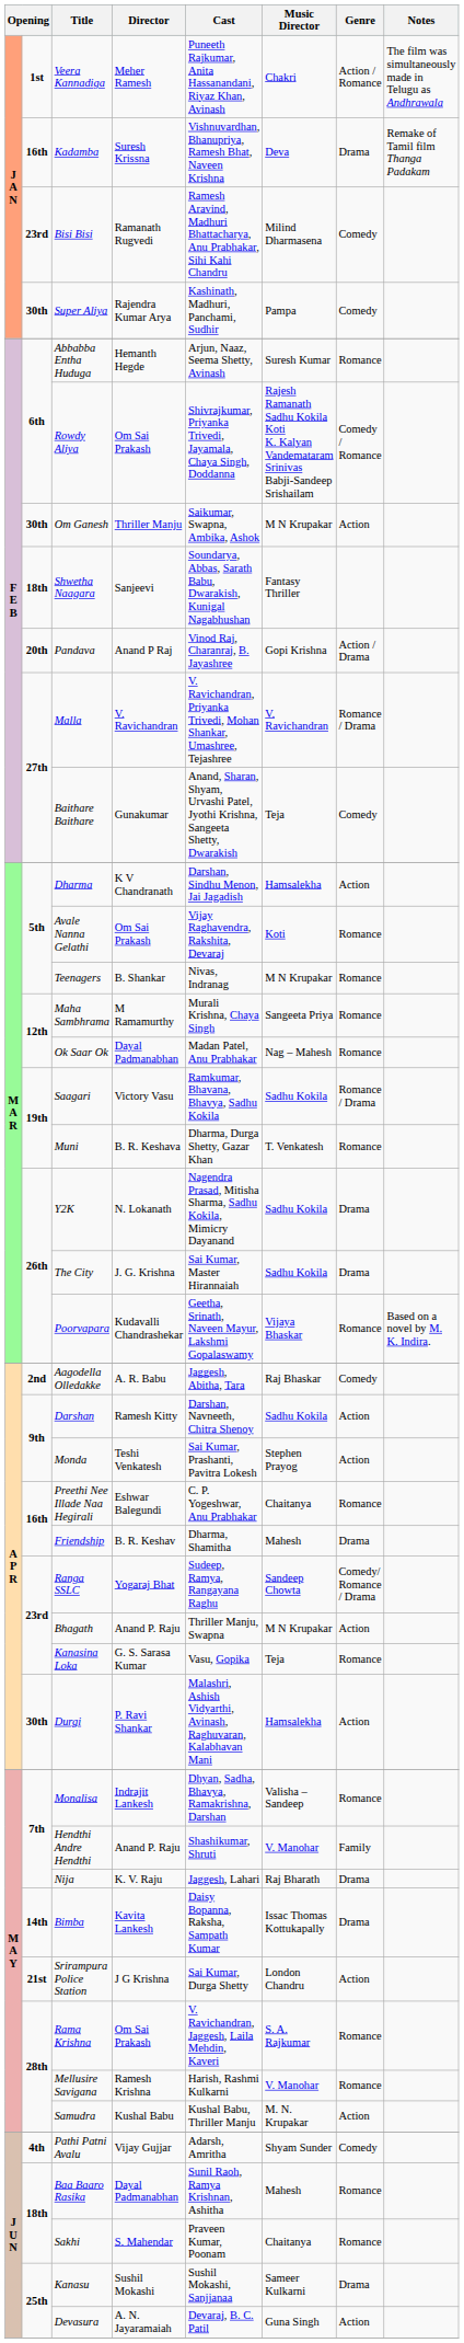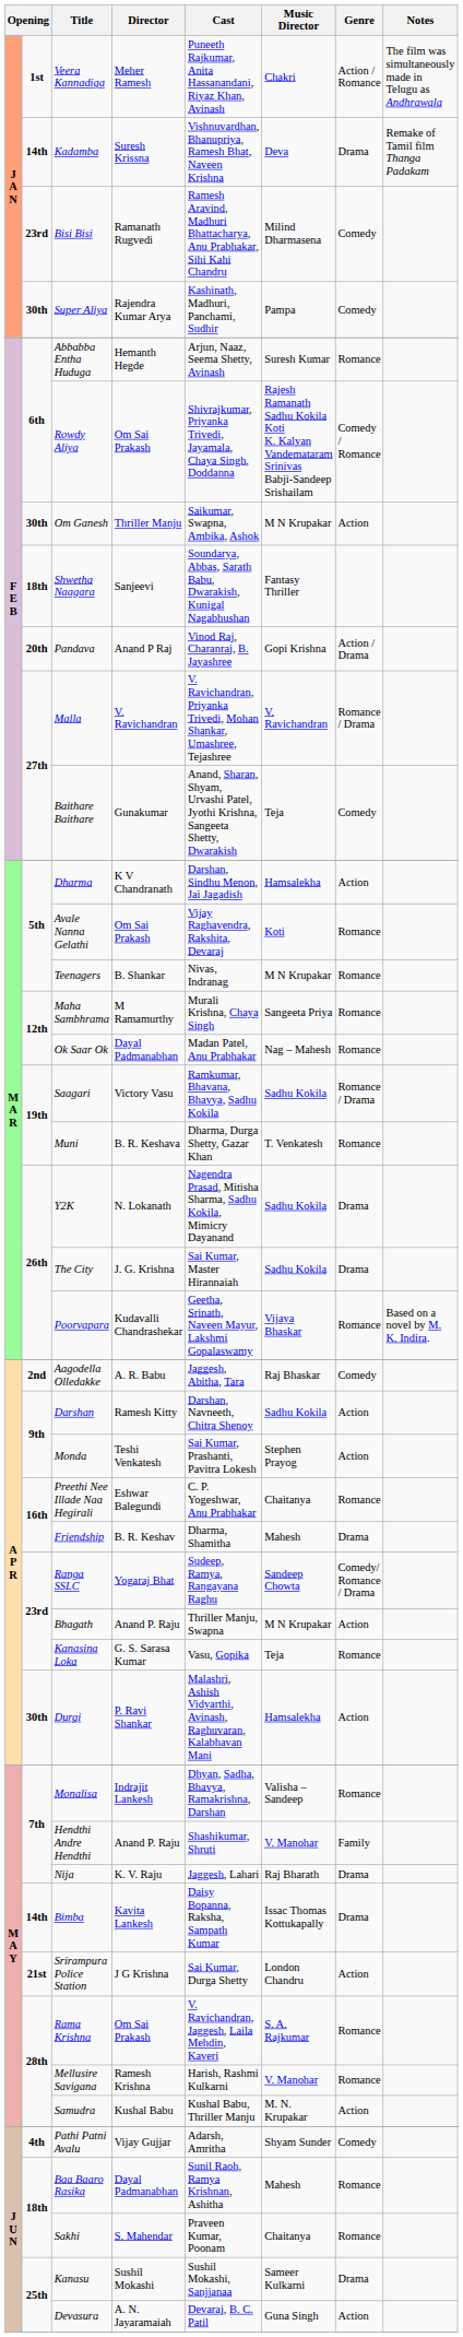 <table class="wikitable">
 <tr style="background:#b0e0e6; text-align:center;">
 <th colspan="2"><strong>Opening</strong></th>
 <th style="width:13%;"><strong>Title</strong></th>
 <th><strong>Director</strong></th>
 <th><strong>Cast</strong></th>
 <th><strong>Music Director</strong></th>
 <th><strong>Genre</strong></th>
 <th><strong>Notes</strong></th>
 </tr>
 <tr January!>
 <td rowspan="4"   style="text-align:center; background:#ffa07a; textcolor:#000;"><strong>J<br>A<br>N</strong></td>
 <td rowspan="1" style="text-align:center;"><strong>1st</strong></td>
 <td><em><a href='#'>Veera Kannadiga</a></em></td>
 <td><a href='#'>Meher Ramesh</a></td>
 <td><a href='#'>Puneeth Rajkumar</a>, <a href='#'>Anita Hassanandani</a>, <a href='#'>Riyaz Khan</a>, <a href='#'>Avinash</a></td>
 <td><a href='#'>Chakri</a></td>
 <td>Action / Romance</td>
 <td>The film was simultaneously made in Telugu as <em><a href='#'>Andhrawala</a></em></td>
 </tr>
 <tr>
-<td rowspan="1" style="text-align:center;"><strong>16th</strong></td>
+<td rowspan="1" style="text-align:center;"><strong>14th</strong></td>
 <td><em><a href='#'>Kadamba</a></em></td>
 <td><a href='#'>Suresh Krissna</a></td>
 <td><a href='#'>Vishnuvardhan</a>, <a href='#'>Bhanupriya</a>, <a href='#'>Ramesh Bhat</a>, <a href='#'>Naveen Krishna</a></td>
 <td><a href='#'>Deva</a></td>
 <td>Drama</td>
 <td>Remake of Tamil film <em>Thanga Padakam</em></td>
 </tr>
 <tr>
 <td rowspan="1" style="text-align:center;"><strong>23rd</strong></td>
 <td><em><a href='#'>Bisi Bisi</a></em></td>
 <td>Ramanath Rugvedi</td>
 <td><a href='#'>Ramesh Aravind</a>, <a href='#'>Madhuri Bhattacharya</a>, <a href='#'>Anu Prabhakar</a>, <a href='#'>Sihi Kahi Chandru</a></td>
 <td>Milind Dharmasena</td>
 <td>Comedy</td>
 <td></td>
 </tr>
 <tr>
 <td rowspan="1" style="text-align:center;"><strong>30th</strong></td>
 <td><em><a href='#'>Super Aliya</a></em></td>
 <td>Rajendra Kumar Arya</td>
 <td><a href='#'>Kashinath</a>, Madhuri, Panchami, <a href='#'>Sudhir</a></td>
 <td>Pampa</td>
 <td>Comedy</td>
 <td></td>
 </tr>
 <tr>
 </tr>
 <tr February!>
 <td rowspan="7"   style="text-align:center; background:thistle; textcolor:#000;"><strong>F<br>E<br>B</strong></td>
 <td rowspan="2" style="text-align:center;"><strong>6th</strong></td>
 <td><em>Abbabba Entha Huduga</em></td>
 <td>Hemanth Hegde</td>
 <td>Arjun, Naaz, Seema Shetty, <a href='#'>Avinash</a></td>
 <td>Suresh Kumar</td>
 <td>Romance</td>
 <td></td>
 </tr>
 <tr>
 <td><em><a href='#'>Rowdy Aliya</a></em></td>
 <td><a href='#'>Om Sai Prakash</a></td>
 <td><a href='#'>Shivrajkumar</a>, <a href='#'>Priyanka Trivedi</a>, <a href='#'>Jayamala</a>, <a href='#'>Chaya Singh</a>, <a href='#'>Doddanna</a></td>
 <td><a href='#'>Rajesh Ramanath</a> <br> <a href='#'>Sadhu Kokila</a><br><a href='#'>Koti</a><br> <a href='#'>K. Kalyan</a><br><a href='#'>Vandemataram Srinivas</a><br>Babji-Sandeep <br> Srishailam</td>
 <td>Comedy / Romance</td>
 <td></td>
 </tr>
 <tr>
 <td rowspan="1" style="text-align:center;"><strong>30th</strong></td>
 <td><em>Om Ganesh</em></td>
 <td><a href='#'>Thriller Manju</a></td>
 <td><a href='#'>Saikumar</a>, Swapna, <a href='#'>Ambika</a>, <a href='#'>Ashok</a></td>
 <td>M N Krupakar</td>
 <td>Action</td>
 <td></td>
 </tr>
 <tr>
 <td style="text-align:center;"><strong>18th</strong></td>
 <td><em><a href='#'>Shwetha Naagara</a></em></td>
 <td>Sanjeevi</td>
 <td><a href='#'>Soundarya</a>, <a href='#'>Abbas</a>, <a href='#'>Sarath Babu</a>, <a href='#'>Dwarakish</a>, <a href='#'>Kunigal Nagabhushan</a></td>
 <td>Fantasy Thriller</td>
 <td></td>
 <td></td>
 </tr>
 <tr>
 <td rowspan="1" style="text-align:center;"><strong>20th</strong></td>
 <td><em>Pandava</em></td>
 <td>Anand P Raj</td>
 <td><a href='#'>Vinod Raj</a>, <a href='#'>Charanraj</a>, <a href='#'>B. Jayashree</a></td>
 <td>Gopi Krishna</td>
 <td>Action / Drama</td>
 <td></td>
 </tr>
 <tr>
 <td rowspan="2" style="text-align:center;"><strong>27th</strong></td>
 <td><em><a href='#'>Malla</a></em></td>
 <td><a href='#'>V. Ravichandran</a></td>
 <td><a href='#'>V. Ravichandran</a>, <a href='#'>Priyanka Trivedi</a>, <a href='#'>Mohan Shankar</a>, <a href='#'>Umashree</a>, Tejashree</td>
 <td><a href='#'>V. Ravichandran</a></td>
 <td>Romance / Drama</td>
 <td></td>
 </tr>
 <tr>
 <td><em>Baithare Baithare</em></td>
 <td>Gunakumar</td>
 <td>Anand, <a href='#'>Sharan</a>, Shyam, Urvashi Patel, Jyothi Krishna, Sangeeta Shetty, <a href='#'>Dwarakish</a></td>
 <td>Teja</td>
 <td>Comedy</td>
 <td></td>
 </tr>
 <tr>
 </tr>
 <tr March!>
 <td rowspan="10"   style="text-align:center; background:#98fb98; textcolor:#000;"><strong>M<br>A<br>R</strong></td>
 <td rowspan="3" style="text-align:center;"><strong>5th</strong></td>
 <td><em><a href='#'>Dharma</a></em></td>
 <td>K V Chandranath</td>
 <td><a href='#'>Darshan</a>, <a href='#'>Sindhu Menon</a>, <a href='#'>Jai Jagadish</a></td>
 <td><a href='#'>Hamsalekha</a></td>
 <td>Action</td>
 <td></td>
 </tr>
 <tr>
 <td><em>Avale Nanna Gelathi</em></td>
 <td><a href='#'>Om Sai Prakash</a></td>
 <td><a href='#'>Vijay Raghavendra</a>, <a href='#'>Rakshita</a>, <a href='#'>Devaraj</a></td>
 <td><a href='#'>Koti</a></td>
 <td>Romance</td>
 <td></td>
 </tr>
 <tr>
 <td><em>Teenagers</em></td>
 <td>B. Shankar</td>
 <td>Nivas, Indranag</td>
 <td>M N Krupakar</td>
 <td>Romance</td>
 <td></td>
 </tr>
 <tr>
 <td rowspan="2" style="text-align:center;"><strong>12th</strong></td>
 <td><em>Maha Sambhrama</em></td>
 <td>M Ramamurthy</td>
 <td>Murali Krishna, <a href='#'>Chaya Singh</a></td>
 <td>Sangeeta Priya</td>
 <td>Romance</td>
 <td></td>
 </tr>
 <tr>
 <td><em>Ok Saar Ok</em></td>
 <td><a href='#'>Dayal Padmanabhan</a></td>
 <td>Madan Patel, <a href='#'>Anu Prabhakar</a></td>
 <td>Nag – Mahesh</td>
 <td>Romance</td>
 <td></td>
 </tr>
 <tr>
 <td rowspan="2" style="text-align:center;"><strong>19th</strong></td>
 <td><em>Saagari</em></td>
 <td>Victory Vasu</td>
 <td><a href='#'>Ramkumar</a>, <a href='#'>Bhavana</a>, <a href='#'>Bhavya</a>, <a href='#'>Sadhu Kokila</a></td>
 <td><a href='#'>Sadhu Kokila</a></td>
 <td>Romance / Drama</td>
 <td></td>
 </tr>
 <tr>
 <td><em>Muni</em></td>
 <td>B. R. Keshava</td>
 <td>Dharma, Durga Shetty, Gazar Khan</td>
 <td>T. Venkatesh</td>
 <td>Romance</td>
 <td></td>
 </tr>
 <tr>
 <td rowspan="3" style="text-align:center;"><strong>26th</strong></td>
 <td><em>Y2K</em></td>
 <td>N. Lokanath</td>
 <td><a href='#'>Nagendra Prasad</a>, Mitisha Sharma, <a href='#'>Sadhu Kokila</a>, Mimicry Dayanand</td>
 <td><a href='#'>Sadhu Kokila</a></td>
 <td>Drama</td>
 <td></td>
 </tr>
 <tr>
 <td><em>The City</em></td>
 <td>J. G. Krishna</td>
 <td><a href='#'>Sai Kumar</a>, Master Hirannaiah</td>
 <td><a href='#'>Sadhu Kokila</a></td>
 <td>Drama</td>
 <td></td>
 </tr>
 <tr>
 <td><em><a href='#'>Poorvapara</a></em></td>
 <td>Kudavalli Chandrashekar</td>
 <td><a href='#'>Geetha</a>, <a href='#'>Srinath</a>, <a href='#'>Naveen Mayur</a>, <a href='#'>Lakshmi Gopalaswamy</a></td>
 <td><a href='#'>Vijaya Bhaskar</a></td>
 <td>Romance</td>
 <td>Based on a novel by <a href='#'>M. K. Indira</a>.</td>
 </tr>
 <tr>
 </tr>
 <tr April!>
 <td rowspan="9"   style="text-align:center; background:#ffdead; textcolor:#000;"><strong>A<br>P<br>R</strong></td>
 <td rowspan="1" style="text-align:center;"><strong>2nd</strong></td>
 <td><em>Aagodella Olledakke</em></td>
 <td>A. R. Babu</td>
 <td><a href='#'>Jaggesh</a>, <a href='#'>Abitha</a>, <a href='#'>Tara</a></td>
 <td>Raj Bhaskar</td>
 <td>Comedy</td>
 <td></td>
 </tr>
 <tr>
 <td rowspan="2" style="text-align:center;"><strong>9th</strong></td>
 <td><em><a href='#'>Darshan</a></em></td>
 <td>Ramesh Kitty</td>
 <td><a href='#'>Darshan</a>, Navneeth, <a href='#'>Chitra Shenoy</a></td>
 <td><a href='#'>Sadhu Kokila</a></td>
 <td>Action</td>
 <td></td>
 </tr>
 <tr>
 <td><em>Monda</em></td>
 <td>Teshi Venkatesh</td>
 <td><a href='#'>Sai Kumar</a>, Prashanti, Pavitra Lokesh</td>
 <td>Stephen Prayog</td>
 <td>Action</td>
 <td></td>
 </tr>
 <tr>
 <td rowspan="2" style="text-align:center;"><strong>16th</strong></td>
 <td><em>Preethi Nee Illade Naa Hegirali</em></td>
 <td>Eshwar Balegundi</td>
 <td>C. P. Yogeshwar, <a href='#'>Anu Prabhakar</a></td>
 <td>Chaitanya</td>
 <td>Romance</td>
 <td></td>
 </tr>
 <tr>
 <td><em><a href='#'>Friendship</a></em></td>
 <td>B. R. Keshav</td>
 <td>Dharma, Shamitha</td>
 <td>Mahesh</td>
 <td>Drama</td>
 <td></td>
 </tr>
 <tr>
 <td rowspan="3" style="text-align:center;"><strong>23rd</strong></td>
 <td><em><a href='#'>Ranga SSLC</a></em></td>
 <td><a href='#'>Yogaraj Bhat</a></td>
 <td><a href='#'>Sudeep</a>, <a href='#'>Ramya</a>, <a href='#'>Rangayana Raghu</a></td>
 <td><a href='#'>Sandeep Chowta</a></td>
 <td>Comedy/ Romance / Drama</td>
 <td></td>
 </tr>
 <tr>
 <td><em>Bhagath</em></td>
 <td>Anand P. Raju</td>
 <td>Thriller Manju, Swapna</td>
 <td>M N Krupakar</td>
 <td>Action</td>
 <td></td>
 </tr>
 <tr>
 <td><em><a href='#'>Kanasina Loka</a></em></td>
 <td>G. S. Sarasa Kumar</td>
 <td>Vasu, <a href='#'>Gopika</a></td>
 <td>Teja</td>
 <td>Romance</td>
 <td></td>
 </tr>
 <tr>
 <td rowspan="1" style="text-align:center;"><strong>30th</strong></td>
 <td><em><a href='#'>Durgi</a></em></td>
 <td><a href='#'>P. Ravi Shankar</a></td>
 <td><a href='#'>Malashri</a>, <a href='#'>Ashish Vidyarthi</a>, <a href='#'>Avinash</a>, <a href='#'>Raghuvaran</a>, <a href='#'>Kalabhavan Mani</a></td>
 <td><a href='#'>Hamsalekha</a></td>
 <td>Action</td>
 <td></td>
 </tr>
 <tr>
 </tr>
 <tr May!>
 <td rowspan="8"   style="text-align:center; background:#edafaf; textcolor:#000;"><strong>M<br>A<br>Y</strong></td>
 <td rowspan="3" style="text-align:center;"><strong>7th</strong></td>
 <td><em><a href='#'>Monalisa</a></em></td>
 <td><a href='#'>Indrajit Lankesh</a></td>
 <td><a href='#'>Dhyan</a>, <a href='#'>Sadha</a>, <a href='#'>Bhavya</a>, <a href='#'>Ramakrishna</a>, <a href='#'>Darshan</a></td>
 <td>Valisha – Sandeep</td>
 <td>Romance</td>
 <td></td>
 </tr>
 <tr>
 <td><em>Hendthi Andre Hendthi</em></td>
 <td>Anand P. Raju</td>
 <td><a href='#'>Shashikumar</a>, <a href='#'>Shruti</a></td>
 <td><a href='#'>V. Manohar</a></td>
 <td>Family</td>
 <td></td>
 </tr>
 <tr>
 <td><em>Nija</em></td>
 <td>K. V. Raju</td>
 <td><a href='#'>Jaggesh</a>, Lahari</td>
 <td>Raj Bharath</td>
 <td>Drama</td>
 <td></td>
 </tr>
 <tr>
 <td rowspan="1" style="text-align:center;"><strong>14th</strong></td>
 <td><em><a href='#'>Bimba</a></em></td>
 <td><a href='#'>Kavita Lankesh</a></td>
 <td><a href='#'>Daisy Bopanna</a>, Raksha, <a href='#'>Sampath Kumar</a></td>
 <td>Issac Thomas Kottukapally</td>
 <td>Drama</td>
 <td></td>
 </tr>
 <tr>
 <td rowspan="1" style="text-align:center;"><strong>21st</strong></td>
 <td><em>Srirampura Police Station</em></td>
 <td>J G Krishna</td>
 <td><a href='#'>Sai Kumar</a>, Durga Shetty</td>
 <td>London Chandru</td>
 <td>Action</td>
 <td></td>
 </tr>
 <tr>
 <td rowspan="3" style="text-align:center;"><strong>28th</strong></td>
 <td><em><a href='#'>Rama Krishna</a></em></td>
 <td><a href='#'>Om Sai Prakash</a></td>
 <td><a href='#'>V. Ravichandran</a>, <a href='#'>Jaggesh</a>, <a href='#'>Laila Mehdin</a>, <a href='#'>Kaveri</a></td>
 <td><a href='#'>S. A. Rajkumar</a></td>
 <td>Romance</td>
 <td></td>
 </tr>
 <tr>
 <td><em>Mellusire Savigana</em></td>
 <td>Ramesh Krishna</td>
 <td>Harish, Rashmi Kulkarni</td>
 <td><a href='#'>V. Manohar</a></td>
 <td>Romance</td>
 <td></td>
 </tr>
 <tr>
 <td><em>Samudra</em></td>
 <td>Kushal Babu</td>
 <td>Kushal Babu, Thriller Manju</td>
 <td>M. N. Krupakar</td>
 <td>Action</td>
 <td></td>
 </tr>
 <tr>
 </tr>
 <tr June!>
 <td rowspan="5"   style="text-align:center; background:#d9c1b0; textcolor:#000;"><strong>J<br>U<br>N</strong></td>
 <td rowspan="1" style="text-align:center;"><strong>4th</strong></td>
 <td><em>Pathi Patni Avalu</em></td>
 <td>Vijay Gujjar</td>
 <td>Adarsh, Amritha</td>
 <td>Shyam Sunder</td>
 <td>Comedy</td>
 <td></td>
 </tr>
 <tr>
 <td rowspan="2" style="text-align:center;"><strong>18th</strong></td>
 <td><em><a href='#'>Baa Baaro Rasika</a></em></td>
 <td><a href='#'>Dayal Padmanabhan</a></td>
 <td><a href='#'>Sunil Raoh</a>, <a href='#'>Ramya Krishnan</a>, Ashitha</td>
 <td>Mahesh</td>
 <td>Romance</td>
 <td></td>
 </tr>
 <tr>
 <td><em>Sakhi</em></td>
 <td><a href='#'>S. Mahendar</a></td>
 <td>Praveen Kumar, Poonam</td>
 <td>Chaitanya</td>
 <td>Romance</td>
 <td></td>
 </tr>
 <tr>
 <td rowspan="2" style="text-align:center;"><strong>25th</strong></td>
 <td><em>Kanasu</em></td>
 <td>Sushil Mokashi</td>
 <td>Sushil Mokashi, <a href='#'>Sanjjanaa</a></td>
 <td>Sameer Kulkarni</td>
 <td>Drama</td>
 <td></td>
 </tr>
 <tr>
 <td><em>Devasura</em></td>
 <td>A. N. Jayaramaiah</td>
 <td><a href='#'>Devaraj</a>, <a href='#'>B. C. Patil</a></td>
 <td>Guna Singh</td>
 <td>Action</td>
 <td></td>
 </tr>
 <tr>
 </tr>
 </table>
